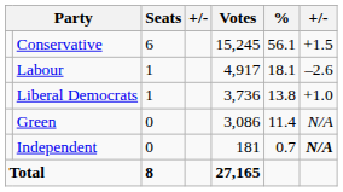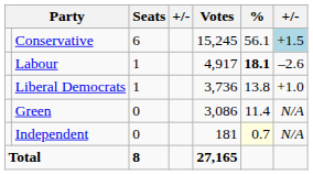 <table class="wikitable sortable">
 <tr>
 <th colspan="2">Party</th>
 <th>Seats</th>
 <th>+/-</th>
 <th>Votes</th>
 <th>%</th>
 <th>+/-</th>
 </tr>
 <tr>
 <td style="background-color: "></td>
 <td><a href='#'>Conservative</a></td>
 <td>6</td>
 <td></td>
 <td style="text-align:right;">15,245</td>
 <td style="text-align:right;">56.1</td>
-<td style="text-align:right;">+1.5</td>
+<td style="background: lightblue; text-align:right;">+1.5</td>
 </tr>
 <tr>
 <td style="background-color: "></td>
 <td><a href='#'>Labour</a></td>
 <td>1</td>
 <td></td>
 <td style="text-align:right;">4,917</td>
-<td style="text-align:right;">18.1</td>
+<td style="text-align:right;"><strong>18.1</strong></td>
 <td style="text-align:right;">–2.6</td>
 </tr>
 <tr>
 <td style="background-color: "></td>
 <td><a href='#'>Liberal Democrats</a></td>
 <td>1</td>
 <td></td>
 <td style="text-align:right;">3,736</td>
 <td style="text-align:right;">13.8</td>
 <td style="text-align:right;">+1.0</td>
 </tr>
 <tr>
 <td style="background-color: "></td>
 <td><a href='#'>Green</a></td>
 <td>0</td>
 <td></td>
 <td style="text-align:right;">3,086</td>
 <td style="text-align:right;">11.4</td>
 <td style="text-align:right;"><em>N/A</em></td>
 </tr>
 <tr>
 <td style="background-color: "></td>
 <td><a href='#'>Independent</a></td>
 <td>0</td>
 <td></td>
 <td style="text-align:right;">181</td>
-<td style="text-align:right;">0.7</td>
-<td style="text-align:right;"><strong><em>N/A</em></strong></td>
+<td style="background: lightyellow; text-align:right;">0.7</td>
+<td style="text-align:right;"><em>N/A</em></td>
 </tr>
 <tr>
 <td colspan="2"><strong>Total</strong></td>
 <td><strong>8</strong></td>
 <td></td>
 <td style="text-align:right;"><strong>27,165</strong></td>
 <td style="text-align:right;"></td>
 <td style="text-align:right;"></td>
 </tr>
 </table>
